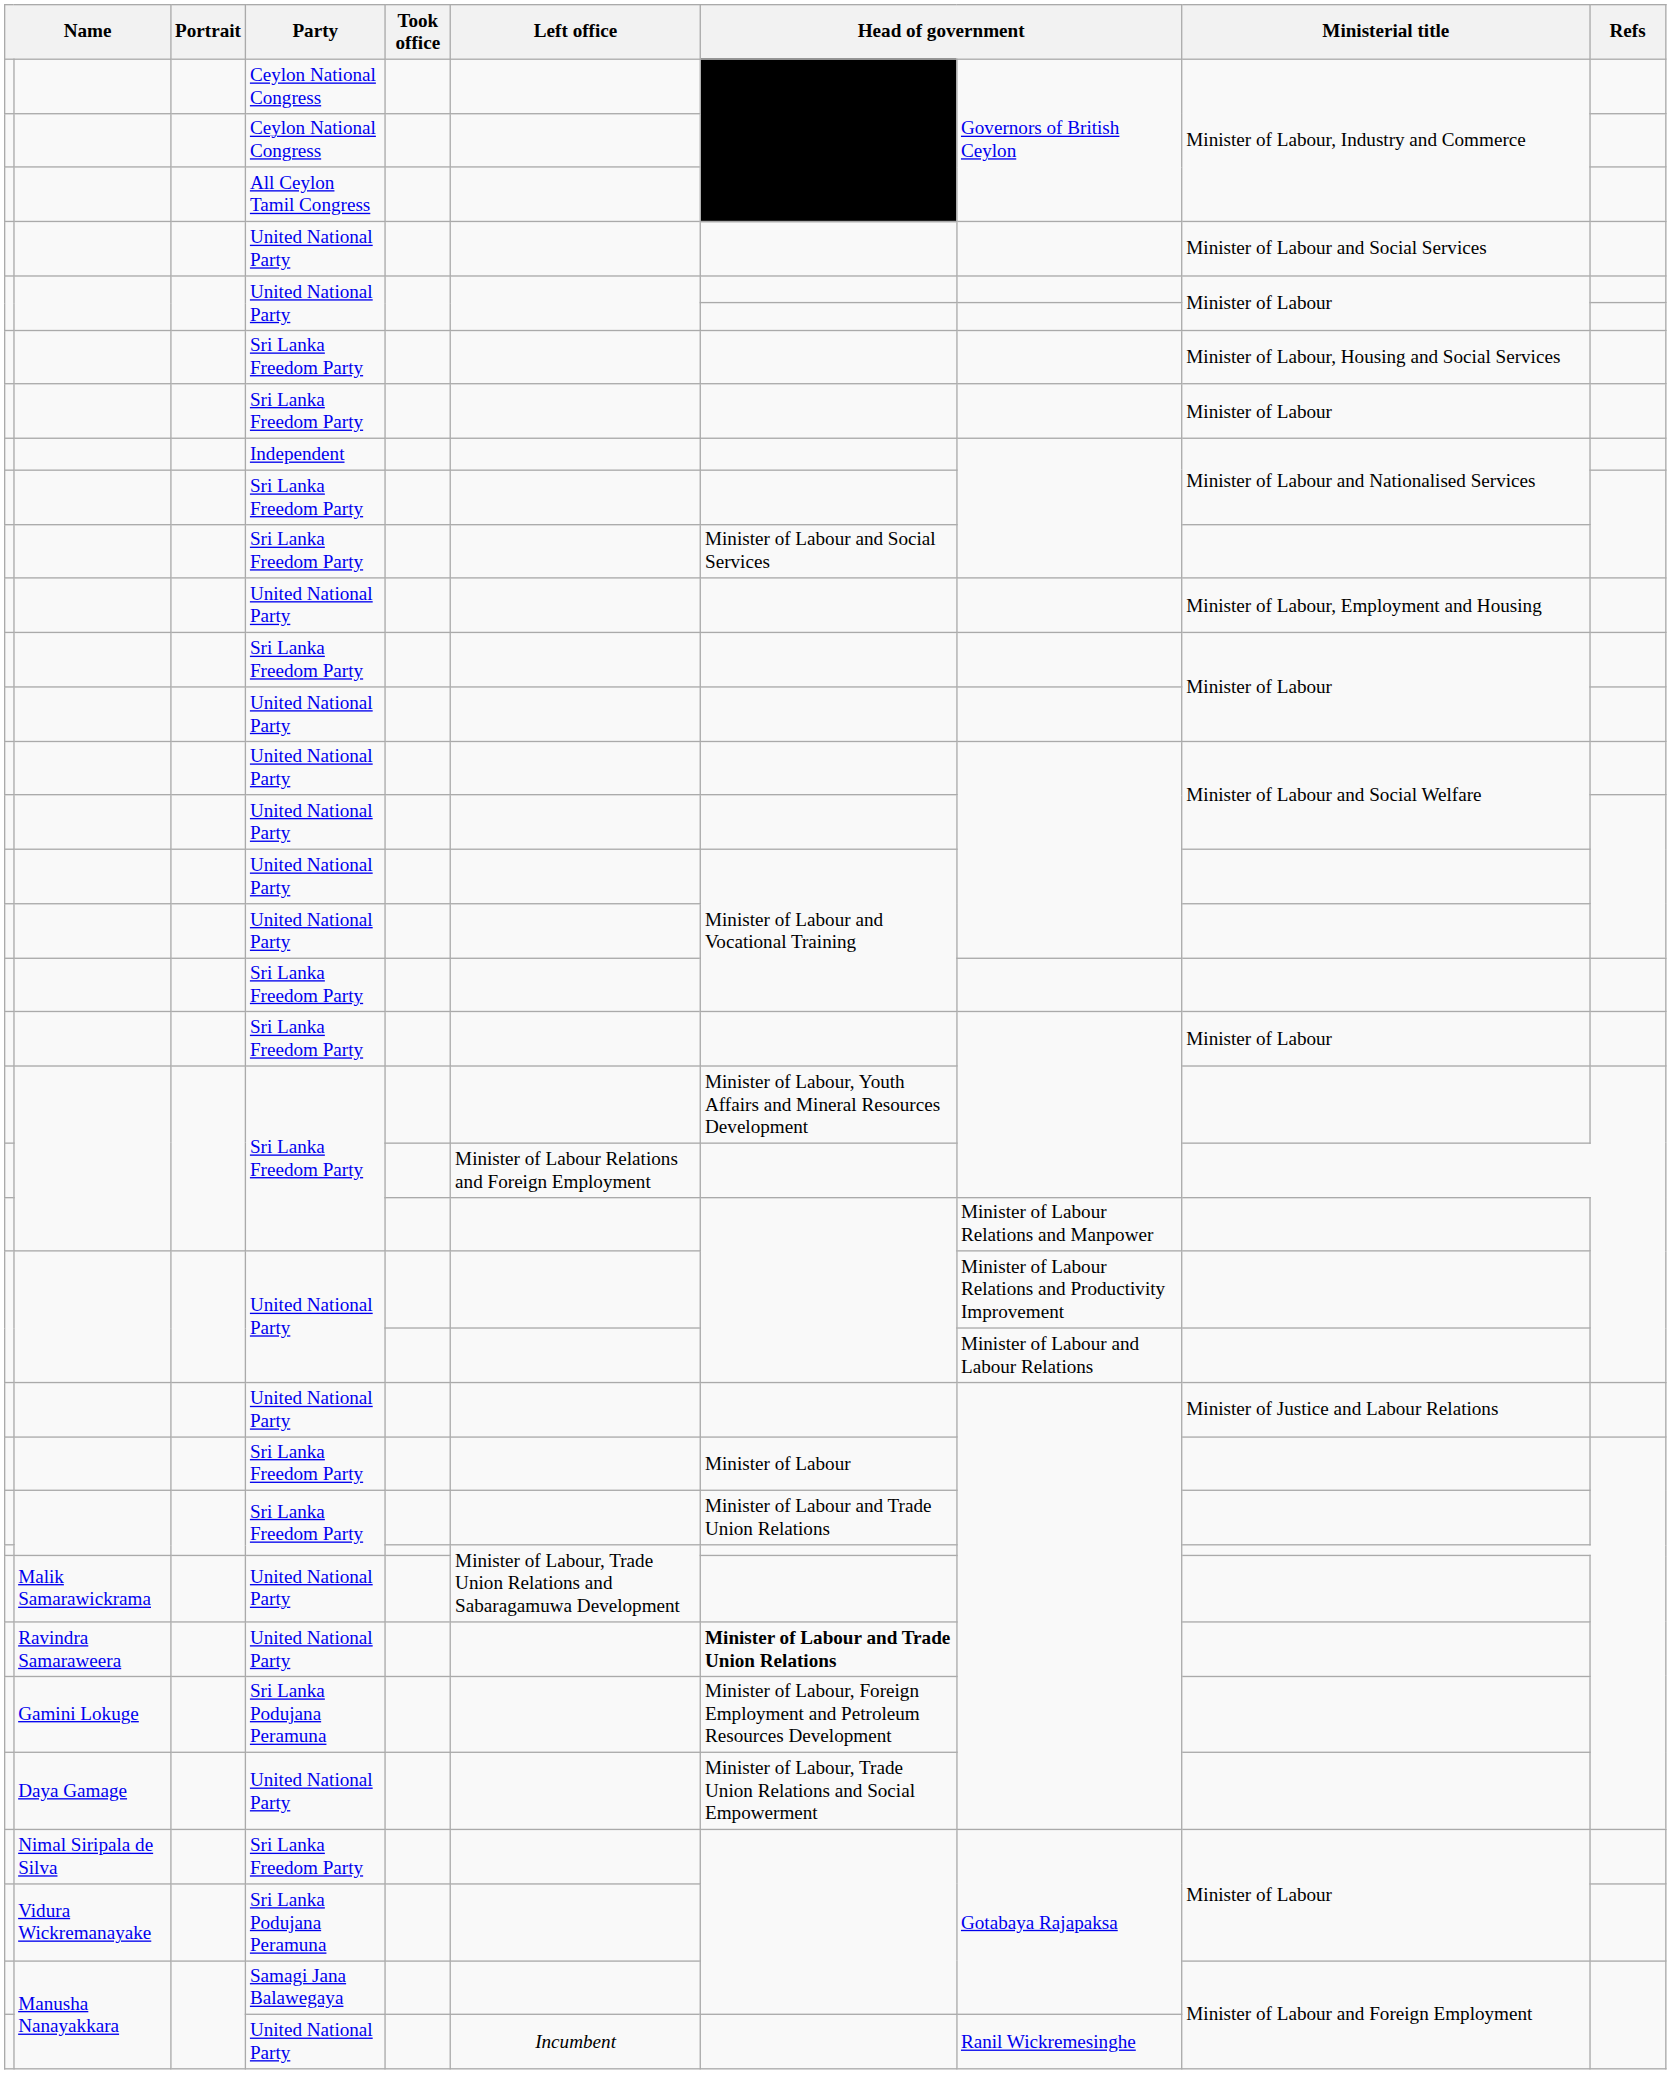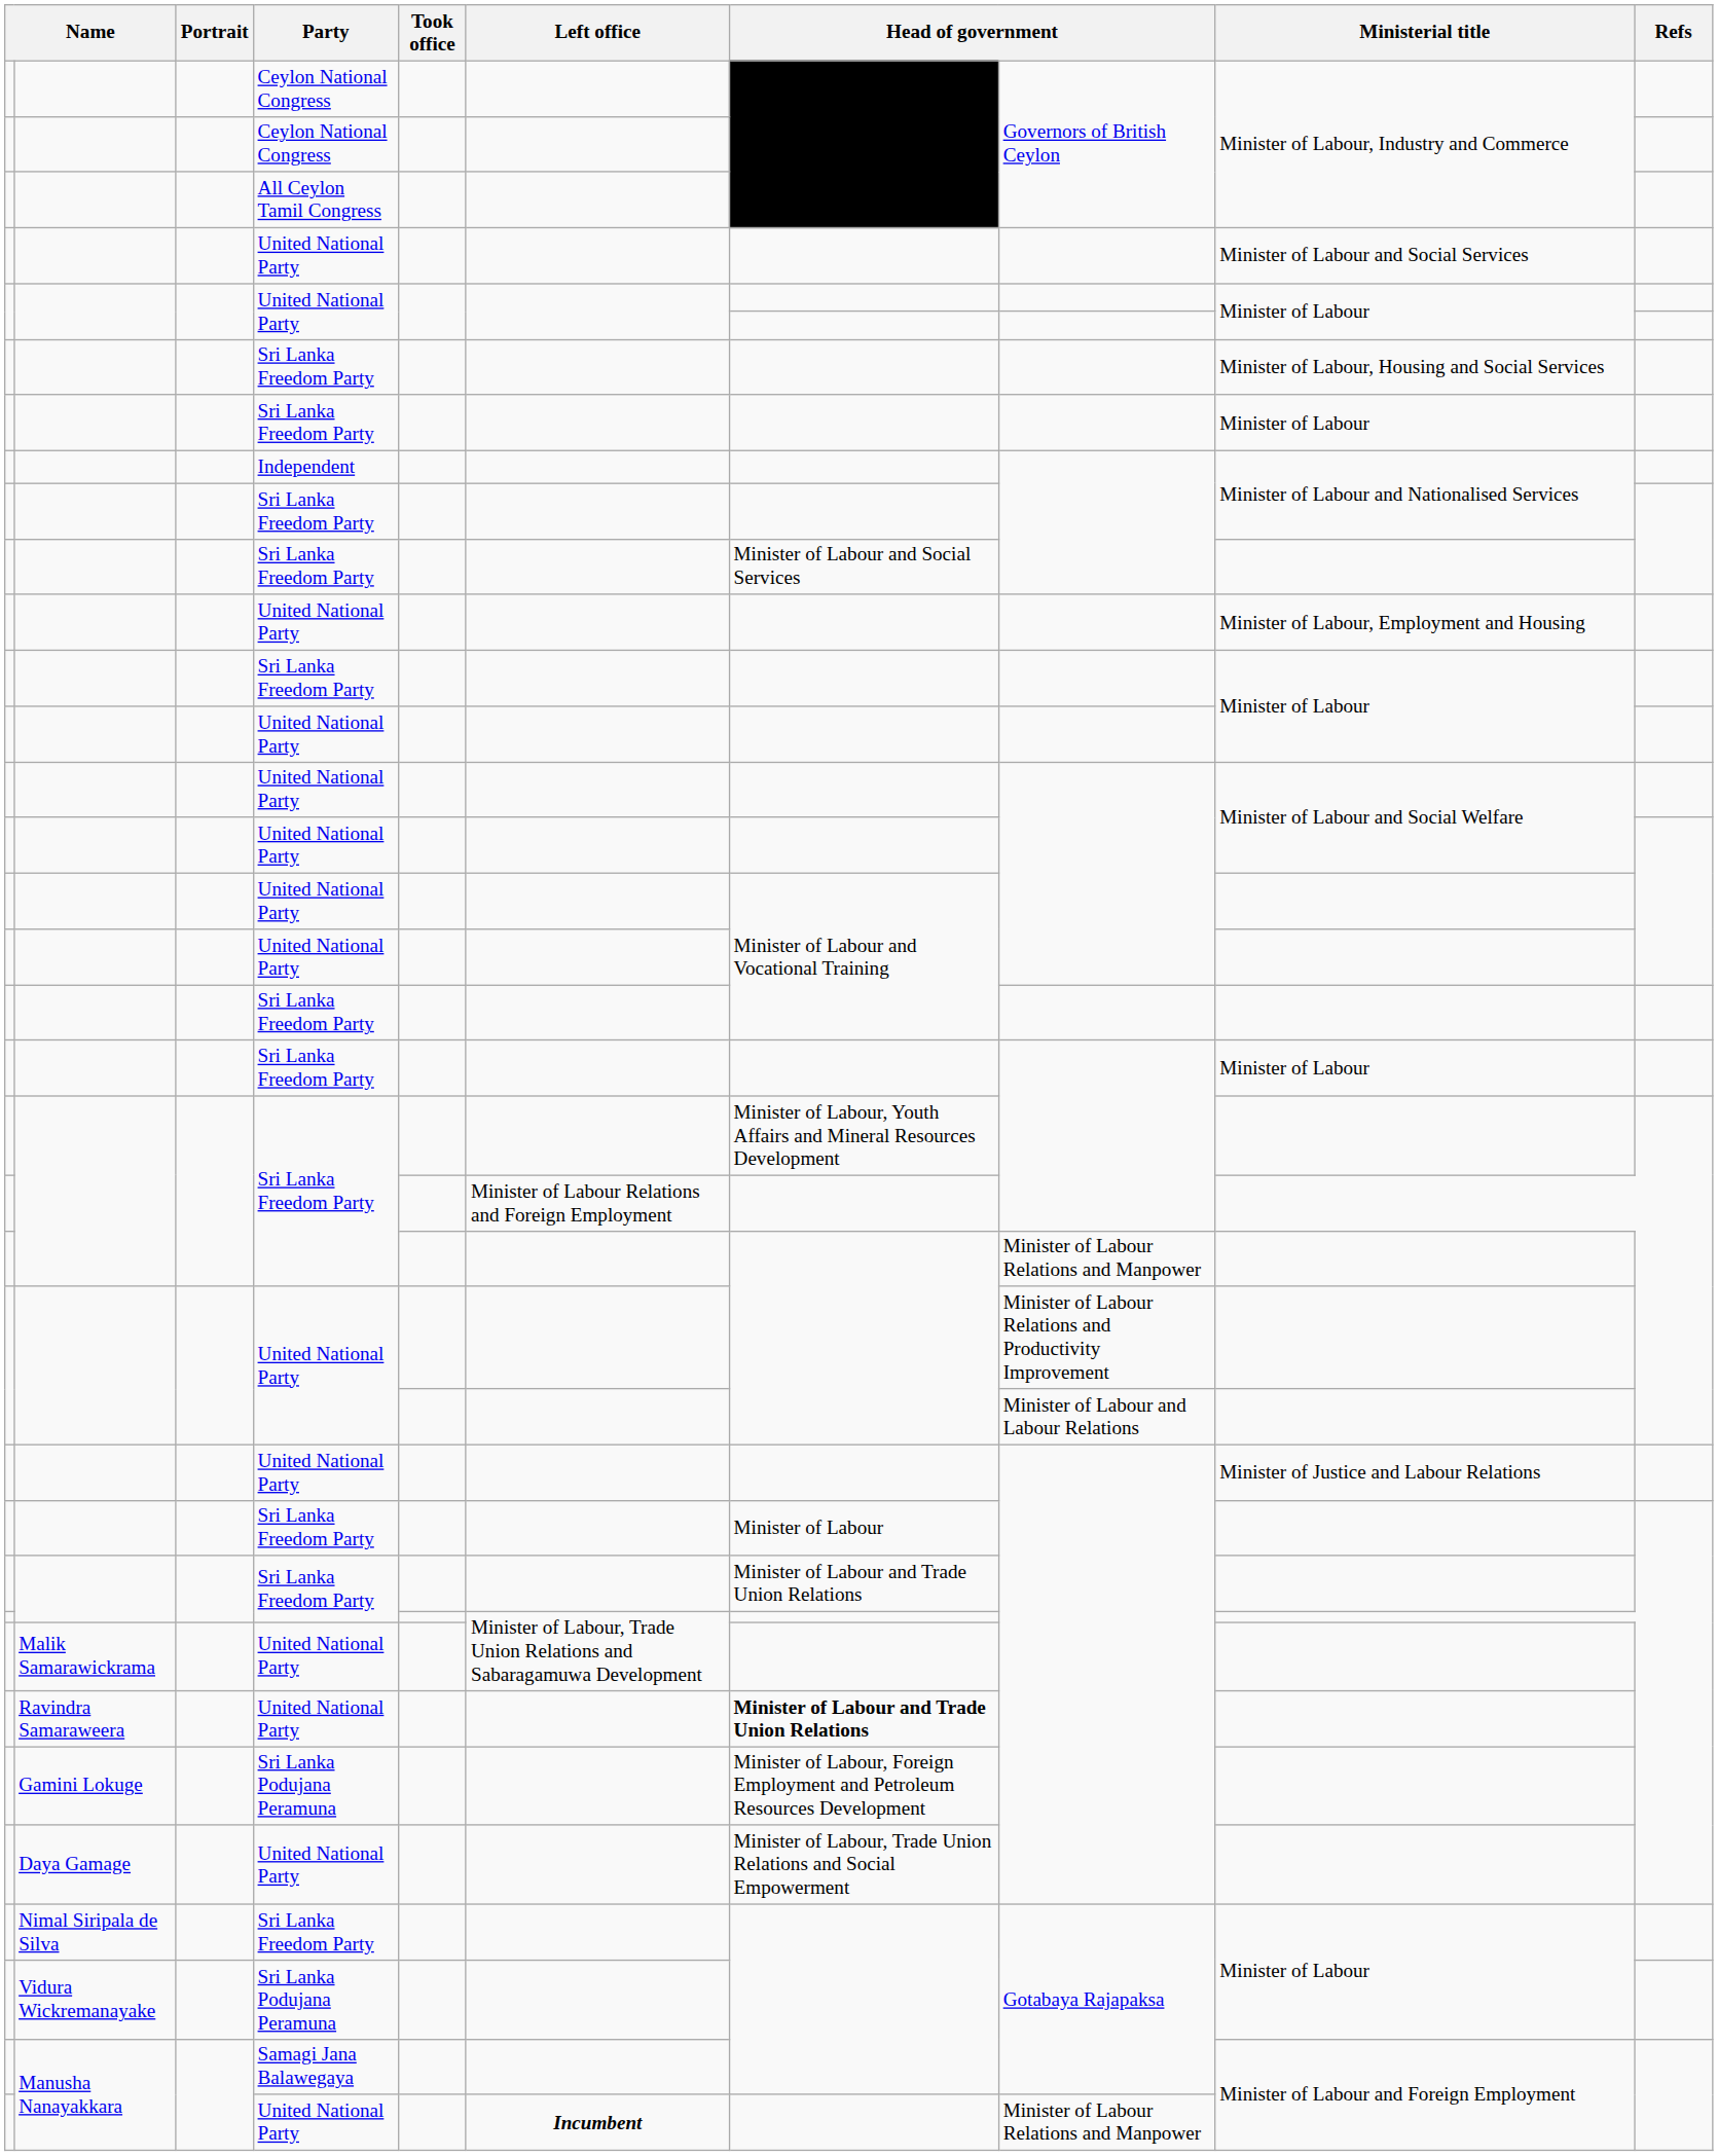 <table class="wikitable plainrowheaders" style="font-size:90%; text-align:left;">
 <tr>
 <th scope=col colspan="2">Name</th>
 <th scope=col class=unsortable>Portrait</th>
 <th scope=col>Party</th>
 <th scope=col>Took office</th>
 <th scope=col>Left office</th>
 <th scope=col colspan="2">Head of government</th>
 <th scope=col width=300px>Ministerial title</th>
 <th scope=col width=50px class=unsortable>Refs</th>
 </tr>
 <tr>
 <td></td>
 <td></td>
 <td></td>
 <td><a href='#'>Ceylon National Congress</a></td>
 <td align=center></td>
 <td align=center></td>
 <td !align="center" rowspan=3 style="background:black; color:white;"></td>
 <td rowspan=3><a href='#'>Governors of British Ceylon</a></td>
 <td rowspan=3>Minister of Labour, Industry and Commerce</td>
 <td align=center></td>
 </tr>
 <tr>
 <td !align="center" style="background:"></td>
 <td></td>
 <td></td>
 <td><a href='#'>Ceylon National Congress</a></td>
 <td align=center></td>
 <td align=center></td>
 <td align=center></td>
 </tr>
 <tr>
 <td !align="center" style="background:"></td>
 <td></td>
 <td></td>
 <td><a href='#'>All Ceylon Tamil Congress</a></td>
 <td align=center></td>
 <td align=center></td>
 </tr>
 <tr>
 <td !align="center" style="background:"></td>
 <td></td>
 <td></td>
 <td><a href='#'>United National Party</a></td>
 <td align=center></td>
 <td align=center></td>
 <td !align="center" style="background:"></td>
 <td></td>
 <td>Minister of Labour and Social Services</td>
 <td align=center></td>
 </tr>
 <tr>
 <td !align="center" rowspan=2 style="background:"></td>
 <td rowspan=2></td>
 <td rowspan=2></td>
 <td rowspan=2><a href='#'>United National Party</a></td>
 <td align=center rowspan=2></td>
 <td align=center rowspan=2></td>
 <td !align="center" style="background:"></td>
 <td></td>
 <td rowspan=2>Minister of Labour</td>
 <td align=center></td>
 </tr>
 <tr>
 <td !align="center" style="background:"></td>
 <td></td>
 <td align=center></td>
 </tr>
 <tr>
 <td !align="center" style="background:"></td>
 <td></td>
 <td></td>
 <td><a href='#'>Sri Lanka Freedom Party</a></td>
 <td align=center></td>
 <td></td>
 <td !align="center" style="background:"></td>
 <td></td>
 <td>Minister of Labour, Housing and Social Services</td>
 <td align=center></td>
 </tr>
 <tr>
 <td !align="center" style="background:"></td>
 <td></td>
 <td></td>
 <td><a href='#'>Sri Lanka Freedom Party</a></td>
 <td align=center></td>
 <td align=center></td>
 <td !align="center" style="background:"></td>
 <td></td>
 <td>Minister of Labour</td>
 <td align=center></td>
 </tr>
 <tr>
 <td !align="center" style="background:"></td>
 <td></td>
 <td></td>
 <td><a href='#'>Independent</a></td>
 <td align=center></td>
 <td align=center></td>
 <td !align="center" style="background:"></td>
 <td rowspan=3></td>
 <td rowspan=2>Minister of Labour and Nationalised Services</td>
 <td align=center></td>
 </tr>
 <tr>
 <td !align="center" style="background:"></td>
 <td></td>
 <td></td>
 <td><a href='#'>Sri Lanka Freedom Party</a></td>
 <td></td>
 <td></td>
 <td align=center></td>
 </tr>
 <tr>
 <td !align="center" style="background:"></td>
 <td></td>
 <td align=center></td>
 <td><a href='#'>Sri Lanka Freedom Party</a></td>
 <td align=center></td>
 <td align=center></td>
 <td>Minister of Labour and Social Services</td>
 <td align=center></td>
 </tr>
 <tr>
 <td !align="center" style="background:"></td>
 <td></td>
 <td></td>
 <td><a href='#'>United National Party</a></td>
 <td align=center></td>
 <td align=center></td>
 <td !align="center" style="background:"></td>
 <td></td>
 <td>Minister of Labour, Employment and Housing</td>
 <td align=center></td>
 </tr>
 <tr>
 <td !align="center" style="background:"></td>
 <td></td>
 <td></td>
 <td><a href='#'>Sri Lanka Freedom Party</a></td>
 <td align=center></td>
 <td align=center></td>
 <td !align="center" style="background:"></td>
 <td></td>
 <td rowspan=2>Minister of Labour</td>
 <td align=center></td>
 </tr>
 <tr>
 <td !align="center" style="background:"></td>
 <td></td>
 <td></td>
 <td><a href='#'>United National Party</a></td>
 <td align=center></td>
 <td align=center></td>
 <td !align="center" style="background:"></td>
 <td></td>
 <td align=center></td>
 </tr>
 <tr>
 <td !align="center" style="background:"></td>
 <td></td>
 <td></td>
 <td><a href='#'>United National Party</a></td>
 <td align=center></td>
 <td align=center></td>
 <td !align="center" style="background:"></td>
 <td rowspan=4></td>
 <td rowspan=2>Minister of Labour and Social Welfare</td>
 <td align=center></td>
 </tr>
 <tr>
 <td !align="center" style="background:"></td>
 <td></td>
 <td></td>
 <td><a href='#'>United National Party</a></td>
 <td align=center></td>
 <td></td>
 <td align=center></td>
 </tr>
 <tr>
 <td !align="center" style="background:"></td>
 <td></td>
 <td></td>
 <td><a href='#'>United National Party</a></td>
 <td align=center></td>
 <td></td>
 <td rowspan=3>Minister of Labour and Vocational Training</td>
 <td align=center></td>
 </tr>
 <tr>
 <td !align="center" style="background:"></td>
 <td></td>
 <td></td>
 <td><a href='#'>United National Party</a></td>
 <td align=center></td>
 <td align=center></td>
 <td align=center></td>
 </tr>
 <tr>
 <td !align="center" style="background:"></td>
 <td></td>
 <td align=center></td>
 <td><a href='#'>Sri Lanka Freedom Party</a></td>
 <td align=center></td>
 <td align=center></td>
 <td !align="center" style="background:"></td>
 <td></td>
 <td align=center></td>
 </tr>
 <tr>
 <td !align="center" style="background:"></td>
 <td></td>
 <td></td>
 <td><a href='#'>Sri Lanka Freedom Party</a></td>
 <td align=center></td>
 <td align=center></td>
 <td !align="center" style="background:"></td>
 <td rowspan=3></td>
 <td>Minister of Labour</td>
 <td align=center></td>
 </tr>
 <tr>
 <td !align="center" style="background:"></td>
 <td rowspan="3"></td>
 <td rowspan="3"></td>
 <td rowspan="3"><a href='#'>Sri Lanka Freedom Party</a></td>
 <td align=center></td>
 <td align=center></td>
 <td>Minister of Labour, Youth Affairs and Mineral Resources Development</td>
 <td align=center></td>
 </tr>
 <tr>
 <td align=center></td>
 <td align=center></td>
 <td>Minister of Labour Relations and Foreign Employment</td>
 <td align=center></td>
 </tr>
 <tr>
 <td align="center"></td>
 <td align=center></td>
 <td !align="center" style="background:"></td>
 <td rowspan="3"></td>
 <td>Minister of Labour Relations and Manpower</td>
 <td align="center"></td>
 </tr>
 <tr>
 <td !align="center" rowspan=2 style="background:"></td>
 <td rowspan="2"></td>
 <td rowspan="2"></td>
 <td rowspan="2"><a href='#'>United National Party</a></td>
 <td align="center"></td>
 <td align=center></td>
 <td>Minister of Labour Relations and Productivity Improvement</td>
 <td align="center"></td>
 </tr>
 <tr>
 <td align="center"></td>
 <td align=center></td>
 <td>Minister of Labour and Labour Relations</td>
 <td align="center"></td>
 </tr>
 <tr>
 <td style="background:"></td>
 <td></td>
 <td></td>
 <td><a href='#'>United National Party</a></td>
 <td align="center"></td>
 <td align="center"></td>
 <td style="background:"></td>
 <td rowspan="8"></td>
 <td>Minister of Justice and Labour Relations</td>
 <td align="center"></td>
 </tr>
 <tr>
 <td !align="center" style="background:"></td>
 <td></td>
 <td></td>
 <td><a href='#'>Sri Lanka Freedom Party</a></td>
 <td align=center></td>
 <td align=center></td>
 <td>Minister of Labour</td>
 <td align=center></td>
 </tr>
 <tr>
 <td !align="center" style="background:"></td>
 <td rowspan=2></td>
 <td rowspan=2></td>
 <td rowspan=2><a href='#'>Sri Lanka Freedom Party</a></td>
 <td align=center></td>
 <td align=center></td>
 <td>Minister of Labour and Trade Union Relations</td>
 <td align=center></td>
 </tr>
 <tr>
 <td align=center></td>
 <td align=center></td>
 <td rowspan="2">Minister of Labour, Trade Union Relations and Sabaragamuwa Development</td>
 <td align=center></td>
 </tr>
 <tr>
 <td !align="center" style="background:"></td>
 <td><a href='#'>Malik Samarawickrama</a></td>
 <td></td>
 <td><a href='#'>United National Party</a></td>
 <td align=center></td>
 <td align=center></td>
 <td></td>
 </tr>
 <tr>
 <td !align="center" style="background:"></td>
 <td><a href='#'>Ravindra Samaraweera</a></td>
 <td></td>
 <td><a href='#'>United National Party</a></td>
 <td align=center></td>
 <td align=center></td>
 <td><strong>Minister of Labour and Trade Union Relations</strong></td>
 <td></td>
 </tr>
 <tr>
 <td !align="center" style="background:"></td>
 <td><a href='#'>Gamini Lokuge</a></td>
 <td></td>
 <td><a href='#'>Sri Lanka Podujana Peramuna</a></td>
 <td align=center></td>
 <td align=center></td>
 <td>Minister of Labour, Foreign Employment and Petroleum Resources Development</td>
 <td></td>
 </tr>
 <tr>
 <td !align="center" style="background:"></td>
 <td><a href='#'>Daya Gamage</a></td>
 <td></td>
 <td><a href='#'>United National Party</a></td>
 <td align=center></td>
 <td align=center></td>
 <td>Minister of Labour, Trade Union Relations and Social Empowerment</td>
 <td></td>
 </tr>
 <tr>
 <td !align="center" style="background:"></td>
 <td><a href='#'>Nimal Siripala de Silva</a></td>
 <td></td>
 <td><a href='#'>Sri Lanka Freedom Party</a></td>
 <td align=center></td>
 <td align=center></td>
 <td !align="center" rowspan=3 style="background:"></td>
 <td rowspan=3><a href='#'>Gotabaya Rajapaksa</a></td>
 <td rowspan="2">Minister of Labour</td>
 <td></td>
 </tr>
 <tr>
 <td !align="center" style="background:"></td>
 <td><a href='#'>Vidura Wickremanayake</a></td>
 <td></td>
 <td><a href='#'>Sri Lanka Podujana Peramuna</a></td>
 <td align=center></td>
 <td align=center></td>
 <td></td>
 </tr>
 <tr>
 <td !align="center" style="background:"></td>
 <td rowspan=2><a href='#'>Manusha Nanayakkara</a></td>
 <td rowspan=2></td>
 <td><a href='#'>Samagi Jana Balawegaya</a></td>
 <td align=center></td>
 <td align=center></td>
 <td rowspan=2>Minister of Labour and Foreign Employment</td>
 <td rowspan=2></td>
 </tr>
 <tr>
 <td !align="center" style="background:"></td>
 <td><a href='#'>United National Party</a></td>
 <td align=center></td>
-<td align=center><em>Incumbent</em></td>
+<td align=center><strong><em>Incumbent</em></strong></td>
 <td !align="center" style="background:"></td>
-<td><a href='#'>Ranil Wickremesinghe</a></td>
+<td>Minister of Labour Relations and Manpower</td>
 </tr>
 </table>
